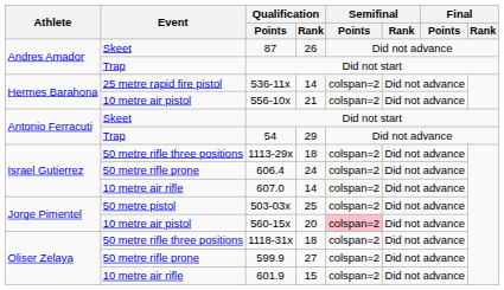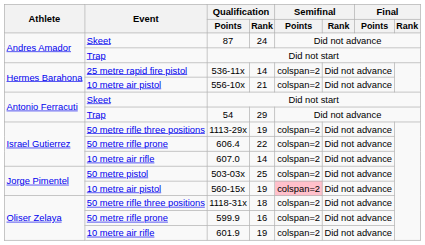 <table class="wikitable" style="font-size:90%">
 <tr>
 <th rowspan="2">Athlete</th>
 <th rowspan="2">Event</th>
 <th colspan=2>Qualification</th>
 <th colspan=2>Semifinal</th>
 <th colspan=2>Final</th>
 </tr>
 <tr style="font-size:95%">
 <th>Points</th>
 <th>Rank</th>
 <th>Points</th>
 <th>Rank</th>
 <th>Points</th>
 <th>Rank</th>
 </tr>
 <tr align=center>
 <td align=left rowspan=2><a href='#'>Andres Amador</a></td>
 <td align=left><a href='#'>Skeet</a></td>
 <td>87</td>
-<td>26</td>
+<td>24</td>
 <td colspan=4>Did not advance</td>
 </tr>
 <tr align=center>
 <td align=left><a href='#'>Trap</a></td>
 <td colspan=6>Did not start</td>
 </tr>
 <tr align=center>
 <td align=left rowspan=2><a href='#'>Hermes Barahona</a></td>
 <td align=left><a href='#'>25 metre rapid fire pistol</a></td>
 <td>536-11x</td>
 <td>14</td>
 <td>colspan=2 </td>
 <td colspan=2>Did not advance</td>
 </tr>
 <tr align=center>
 <td align=left><a href='#'>10 metre air pistol</a></td>
 <td>556-10x</td>
 <td>21</td>
 <td>colspan=2 </td>
 <td colspan=2>Did not advance</td>
 </tr>
 <tr align=center>
 <td align=left rowspan=2><a href='#'>Antonio Ferracuti</a></td>
 <td align=left><a href='#'>Skeet</a></td>
 <td colspan=6>Did not start</td>
 </tr>
 <tr align=center>
 <td align=left><a href='#'>Trap</a></td>
 <td>54</td>
 <td>29</td>
 <td colspan=4>Did not advance</td>
 </tr>
 <tr align=center>
 <td align=left rowspan=3><a href='#'>Israel Gutierrez</a></td>
 <td align=left><a href='#'>50 metre rifle three positions</a></td>
 <td>1113-29x</td>
-<td>18</td>
+<td>19</td>
 <td>colspan=2 </td>
 <td colspan=2>Did not advance</td>
 </tr>
 <tr align=center>
 <td align=left><a href='#'>50 metre rifle prone</a></td>
 <td>606.4</td>
-<td>24</td>
+<td>22</td>
 <td>colspan=2 </td>
 <td colspan=2>Did not advance</td>
 </tr>
 <tr align=center>
 <td align=left><a href='#'>10 metre air rifle</a></td>
 <td>607.0</td>
 <td>14</td>
 <td>colspan=2 </td>
 <td colspan=2>Did not advance</td>
 </tr>
 <tr align=center>
 <td align=left rowspan=2><a href='#'>Jorge Pimentel</a></td>
 <td align=left><a href='#'>50 metre pistol</a></td>
 <td>503-03x</td>
 <td>25</td>
 <td>colspan=2 </td>
 <td colspan=2>Did not advance</td>
 </tr>
 <tr align=center>
 <td align=left><a href='#'>10 metre air pistol</a></td>
 <td>560-15x</td>
-<td>20</td>
+<td>19</td>
 <td style="background: pink;">colspan=2 </td>
 <td colspan=2>Did not advance</td>
 </tr>
 <tr align=center>
 <td align=left rowspan=3><a href='#'>Oliser Zelaya</a></td>
 <td align=left><a href='#'>50 metre rifle three positions</a></td>
 <td>1118-31x</td>
 <td>18</td>
 <td>colspan=2 </td>
 <td colspan=2>Did not advance</td>
 </tr>
 <tr align=center>
 <td align=left><a href='#'>50 metre rifle prone</a></td>
 <td>599.9</td>
-<td>27</td>
+<td>16</td>
 <td>colspan=2 </td>
 <td colspan=2>Did not advance</td>
 </tr>
 <tr align=center>
 <td align=left><a href='#'>10 metre air rifle</a></td>
 <td>601.9</td>
-<td>15</td>
+<td>19</td>
 <td>colspan=2 </td>
 <td colspan=2>Did not advance</td>
 </tr>
 </table>
